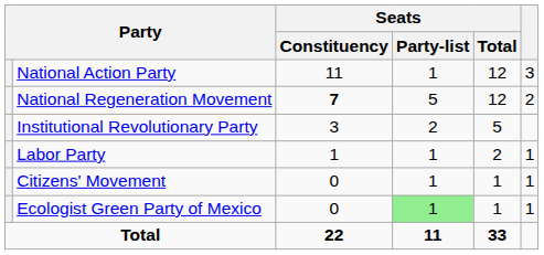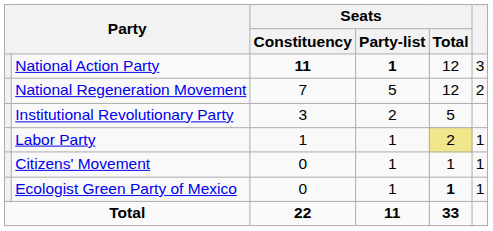 <table class="wikitable" style="text-align:center;">
 <tr>
 <th colspan="2" rowspan="2">Party</th>
 <th colspan="3">Seats</th>
 <th rowspan="2"></th>
 </tr>
 <tr>
 <th style="width:3em"><strong>Constituency</strong></th>
 <th>Party-list</th>
 <th>Total</th>
 </tr>
 <tr>
 <th style="background-color:"></th>
 <td style="text-align:left;"><a href='#'>National Action Party</a></td>
-<td>11</td>
-<td>1</td>
+<td><strong>11</strong></td>
+<td><strong>1</strong></td>
 <td>12</td>
 <td> 3</td>
 </tr>
 <tr>
 <th style="background-color:"></th>
 <td style="text-align:left;"><a href='#'>National Regeneration Movement</a></td>
-<td><strong>7</strong></td>
+<td>7</td>
 <td>5</td>
 <td>12</td>
 <td> 2</td>
 </tr>
 <tr>
 <th style="background-color:"></th>
 <td style="text-align:left;"><a href='#'>Institutional Revolutionary Party</a></td>
 <td>3</td>
 <td>2</td>
 <td>5</td>
 <td></td>
 </tr>
 <tr>
 <th style="background-color:"></th>
 <td style="text-align:left;"><a href='#'>Labor Party</a></td>
 <td>1</td>
 <td>1</td>
-<td>2</td>
+<td style="background: khaki;">2</td>
 <td> 1</td>
 </tr>
 <tr>
 <th style="background-color:"></th>
 <td style="text-align:left;"><a href='#'>Citizens' Movement</a></td>
 <td>0</td>
 <td>1</td>
 <td>1</td>
 <td> 1</td>
 </tr>
 <tr>
 <th style="background-color:"></th>
 <td style="text-align:left;"><a href='#'>Ecologist Green Party of Mexico</a></td>
 <td>0</td>
-<td style="background: lightgreen;">1</td>
 <td>1</td>
+<td><strong>1</strong></td>
 <td> 1</td>
 </tr>
 <tr>
 <td colspan="2"><strong>Total</strong></td>
 <td><strong>22</strong></td>
 <td><strong>11</strong></td>
 <td><strong>33</strong></td>
 <td></td>
 </tr>
 </table>
